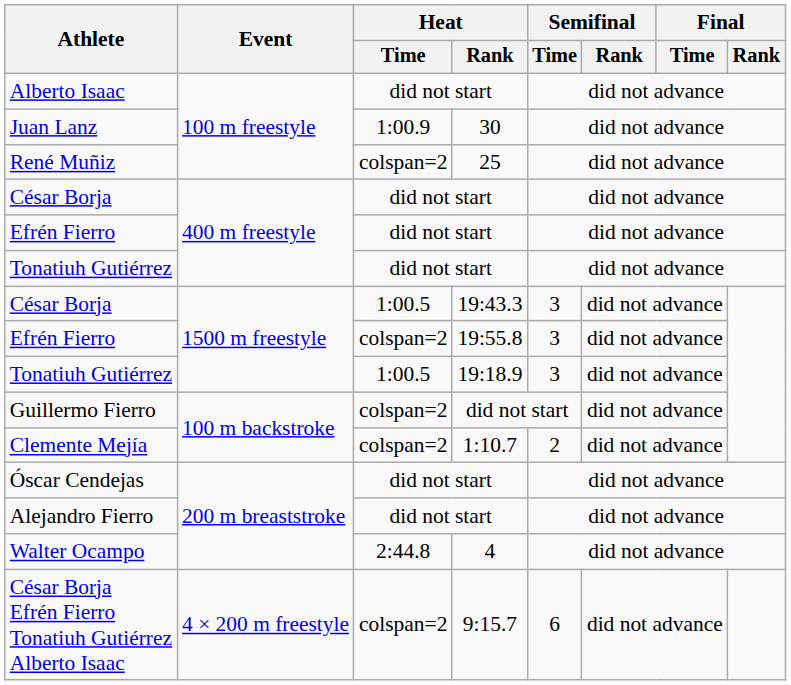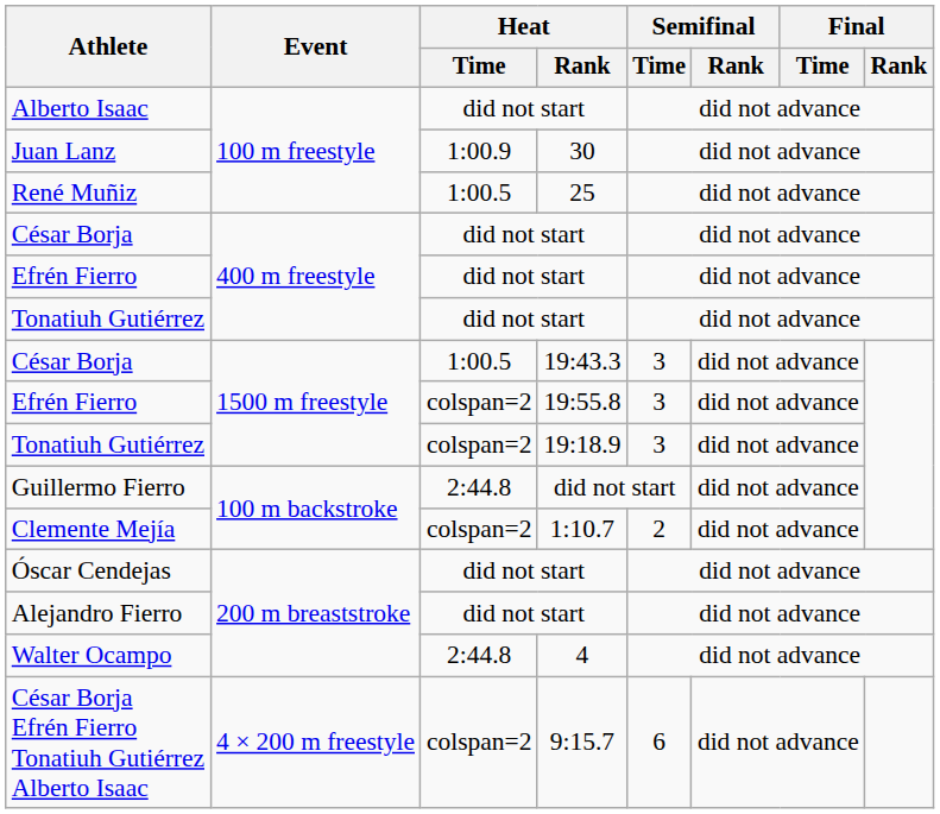 <table class=wikitable style="font-size:90%">
 <tr>
 <th rowspan=2>Athlete</th>
 <th rowspan=2>Event</th>
 <th colspan=2>Heat</th>
 <th colspan=2>Semifinal</th>
 <th colspan=2>Final</th>
 </tr>
 <tr style="font-size:95%">
 <th>Time</th>
 <th>Rank</th>
 <th>Time</th>
 <th>Rank</th>
 <th>Time</th>
 <th>Rank</th>
 </tr>
 <tr align=center>
 <td align=left><a href='#'>Alberto Isaac</a></td>
 <td align=left rowspan=3><a href='#'>100 m freestyle</a></td>
 <td colspan=2>did not start</td>
 <td colspan=4>did not advance</td>
 </tr>
 <tr align=center>
 <td align=left><a href='#'>Juan Lanz</a></td>
 <td>1:00.9</td>
 <td>30</td>
 <td colspan=4>did not advance</td>
 </tr>
 <tr align=center>
 <td align=left><a href='#'>René Muñiz</a></td>
-<td>colspan=2 </td>
+<td>1:00.5</td>
 <td>25</td>
 <td colspan=4>did not advance</td>
 </tr>
 <tr align=center>
 <td align=left><a href='#'>César Borja</a></td>
 <td align=left rowspan=3><a href='#'>400 m freestyle</a></td>
 <td colspan=2>did not start</td>
 <td colspan=4>did not advance</td>
 </tr>
 <tr align=center>
 <td align=left><a href='#'>Efrén Fierro</a></td>
 <td colspan=2>did not start</td>
 <td colspan=4>did not advance</td>
 </tr>
 <tr align=center>
 <td align=left><a href='#'>Tonatiuh Gutiérrez</a></td>
 <td colspan=2>did not start</td>
 <td colspan=4>did not advance</td>
 </tr>
 <tr align=center>
 <td align=left><a href='#'>César Borja</a></td>
 <td align=left rowspan=3><a href='#'>1500 m freestyle</a></td>
 <td>1:00.5</td>
 <td>19:43.3</td>
 <td>3</td>
 <td colspan=2>did not advance</td>
 </tr>
 <tr align=center>
 <td align=left><a href='#'>Efrén Fierro</a></td>
 <td>colspan=2 </td>
 <td>19:55.8</td>
 <td>3</td>
 <td colspan=2>did not advance</td>
 </tr>
 <tr align=center>
 <td align=left><a href='#'>Tonatiuh Gutiérrez</a></td>
-<td>1:00.5</td>
+<td>colspan=2 </td>
 <td>19:18.9</td>
 <td>3</td>
 <td colspan=2>did not advance</td>
 </tr>
 <tr align=center>
 <td align=left>Guillermo Fierro</td>
 <td align=left rowspan=2><a href='#'>100 m backstroke</a></td>
-<td>colspan=2 </td>
+<td>2:44.8</td>
 <td colspan=2>did not start</td>
 <td colspan=2>did not advance</td>
 </tr>
 <tr align=center>
 <td align=left><a href='#'>Clemente Mejía</a></td>
 <td>colspan=2 </td>
 <td>1:10.7</td>
 <td>2</td>
 <td colspan=2>did not advance</td>
 </tr>
 <tr align=center>
 <td align=left>Óscar Cendejas</td>
 <td align=left rowspan=3><a href='#'>200 m breaststroke</a></td>
 <td colspan=2>did not start</td>
 <td colspan=4>did not advance</td>
 </tr>
 <tr align=center>
 <td align=left>Alejandro Fierro</td>
 <td colspan=2>did not start</td>
 <td colspan=4>did not advance</td>
 </tr>
 <tr align=center>
 <td align=left><a href='#'>Walter Ocampo</a></td>
 <td>2:44.8</td>
 <td>4</td>
 <td colspan=4>did not advance</td>
 </tr>
 <tr align=center>
 <td align=left><a href='#'>César Borja</a><br><a href='#'>Efrén Fierro</a><br><a href='#'>Tonatiuh Gutiérrez</a><br><a href='#'>Alberto Isaac</a></td>
 <td align=left><a href='#'>4 × 200 m freestyle</a></td>
 <td>colspan=2 </td>
 <td>9:15.7</td>
 <td>6</td>
 <td colspan=2>did not advance</td>
 </tr>
 </table>
